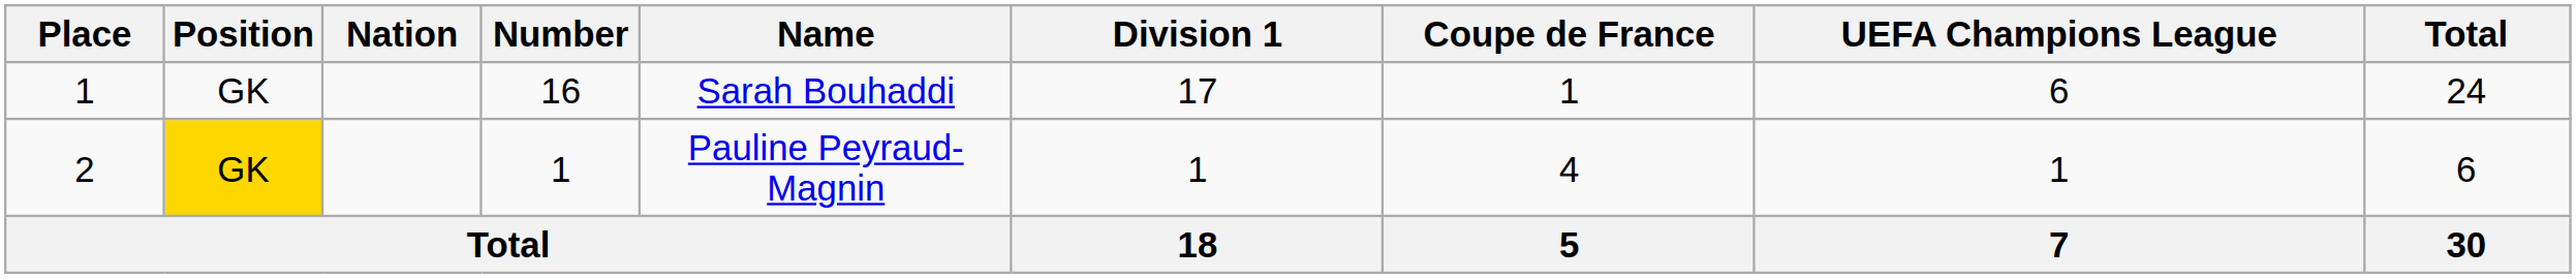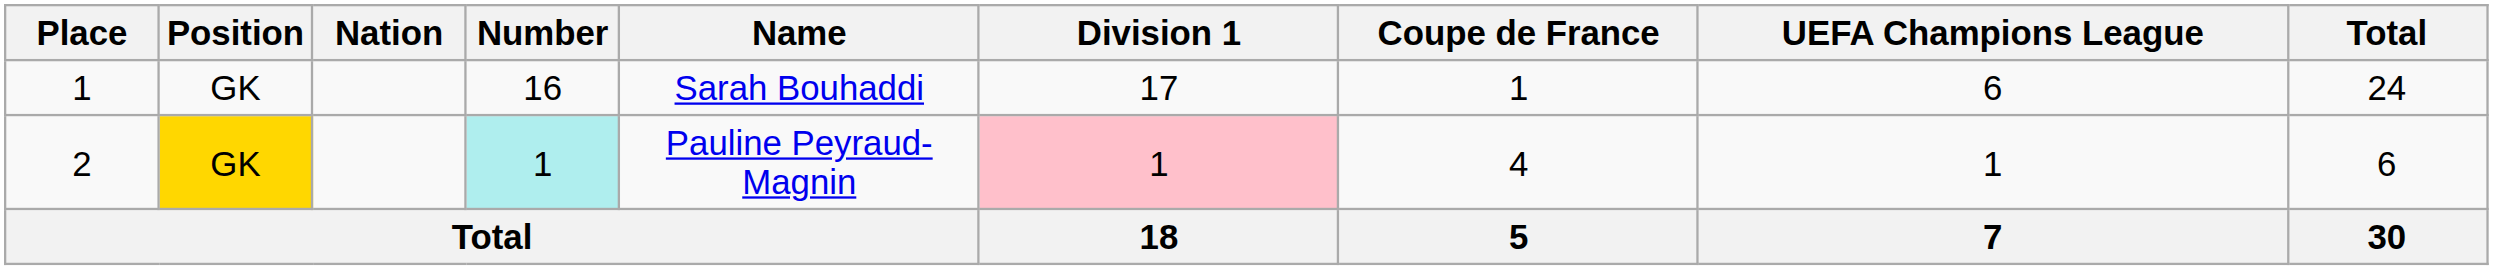 <table class="wikitable" style="font-size: 95%; text-align: center;">
 <tr>
 <th width=60>Place</th>
 <th width=60>Position</th>
 <th width=60>Nation</th>
 <th width=60>Number</th>
 <th width=150>Name</th>
 <th width=150>Division 1</th>
 <th width=150>Coupe de France</th>
 <th width=250>UEFA Champions League</th>
 <th width=80>Total</th>
 </tr>
 <tr>
 <td>1</td>
 <td>GK</td>
 <td></td>
 <td>16</td>
 <td><a href='#'>Sarah Bouhaddi</a></td>
 <td>17</td>
 <td>1</td>
 <td>6</td>
 <td>24</td>
 </tr>
 <tr>
 <td>2</td>
 <td style="background: gold;">GK</td>
 <td></td>
-<td>1</td>
+<td style="background: paleturquoise;">1</td>
 <td><a href='#'>Pauline Peyraud-Magnin</a></td>
-<td>1</td>
+<td style="background: pink;">1</td>
 <td>4</td>
 <td>1</td>
 <td>6</td>
 </tr>
 <tr>
 <th colspan=5>Total</th>
 <th>18</th>
 <th>5</th>
 <th>7</th>
 <th>30</th>
 </tr>
 </table>
